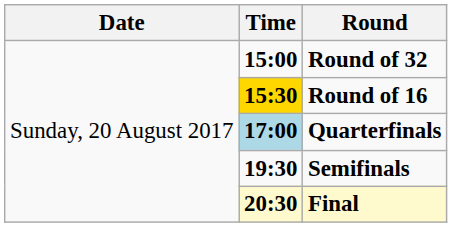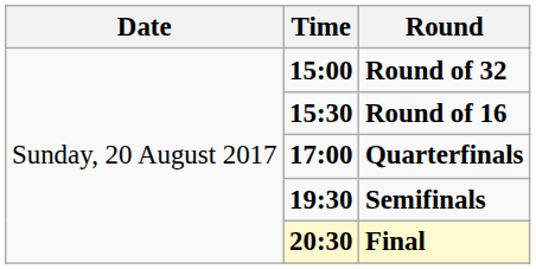 <table class="wikitable">
 <tr>
 <th>Date</th>
 <th>Time</th>
 <th>Round</th>
 </tr>
 <tr>
 <td rowspan="5">Sunday, 20 August 2017</td>
 <td><strong>15:00</strong></td>
 <td><strong>Round of 32</strong></td>
 </tr>
 <tr>
-<td style="background: gold;"><strong>15:30</strong></td>
+<td><strong>15:30</strong></td>
 <td><strong>Round of 16</strong></td>
 </tr>
 <tr>
-<td style="background: lightblue;"><strong>17:00</strong></td>
+<td><strong>17:00</strong></td>
 <td><strong>Quarterfinals</strong></td>
 </tr>
 <tr>
 <td><strong>19:30</strong></td>
 <td><strong>Semifinals</strong></td>
 </tr>
 <tr style="background:lemonchiffon;">
 <td><strong>20:30</strong></td>
 <td><strong>Final</strong></td>
 </tr>
 </table>
